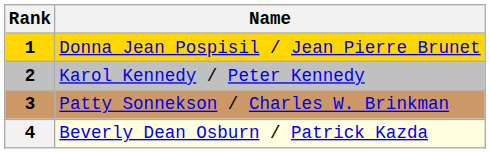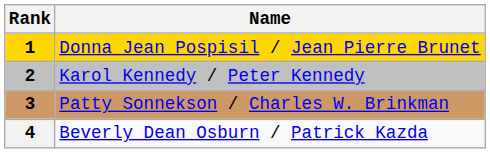 <table class="wikitable">
 <tr>
 <th>Rank</th>
 <th>Name</th>
 </tr>
 <tr bgcolor="gold">
 <td align="center"><strong>1</strong></td>
 <td><a href='#'>Donna Jean Pospisil</a> / <a href='#'>Jean Pierre Brunet</a></td>
 </tr>
 <tr bgcolor="silver">
 <td align="center"><strong>2</strong></td>
 <td><a href='#'>Karol Kennedy</a> / <a href='#'>Peter Kennedy</a></td>
 </tr>
 <tr bgcolor="cc9966">
 <td align="center"><strong>3</strong></td>
 <td><a href='#'>Patty Sonnekson</a> / <a href='#'>Charles W. Brinkman</a></td>
 </tr>
 <tr>
 <th>4</th>
-<td style="background: lightyellow;"><a href='#'>Beverly Dean Osburn</a> / <a href='#'>Patrick Kazda</a></td>
+<td><a href='#'>Beverly Dean Osburn</a> / <a href='#'>Patrick Kazda</a></td>
 </tr>
 </table>
